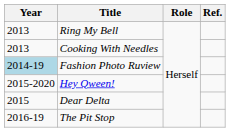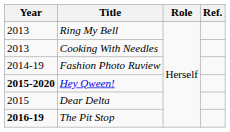 <table class="wikitable">
 <tr>
 <th>Year</th>
 <th>Title</th>
 <th>Role</th>
 <th>Ref.</th>
 </tr>
 <tr>
 <td>2013</td>
 <td><em>Ring My Bell</em></td>
 <td rowspan="6">Herself</td>
 <td></td>
 </tr>
 <tr>
 <td>2013</td>
 <td><em>Cooking With Needles</em></td>
 <td></td>
 </tr>
 <tr>
-<td style="background: lightblue;">2014-19</td>
+<td>2014-19</td>
 <td><em>Fashion Photo Ruview</em></td>
 <td></td>
 </tr>
 <tr>
-<td>2015-2020</td>
+<td><strong>2015-2020</strong></td>
 <td><em><a href='#'>Hey Qween!</a></em></td>
 <td></td>
 </tr>
 <tr>
 <td>2015</td>
 <td><em>Dear Delta</em></td>
 <td></td>
 </tr>
 <tr>
-<td>2016-19</td>
+<td><strong>2016-19</strong></td>
 <td><em>The Pit Stop</em></td>
 <td></td>
 </tr>
 </table>
